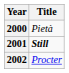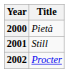 <table class="wikitable">
 <tr>
 <th>Year</th>
 <th>Title</th>
 </tr>
 <tr>
 <th>2000</th>
 <td><em>Pietà</em></td>
 </tr>
 <tr>
 <th>2001</th>
-<td><strong><em>Still</em></strong></td>
+<td><em>Still</em></td>
 </tr>
 <tr>
 <th>2002</th>
 <td><em><a href='#'>Procter</a></em></td>
 </tr>
 </table>
